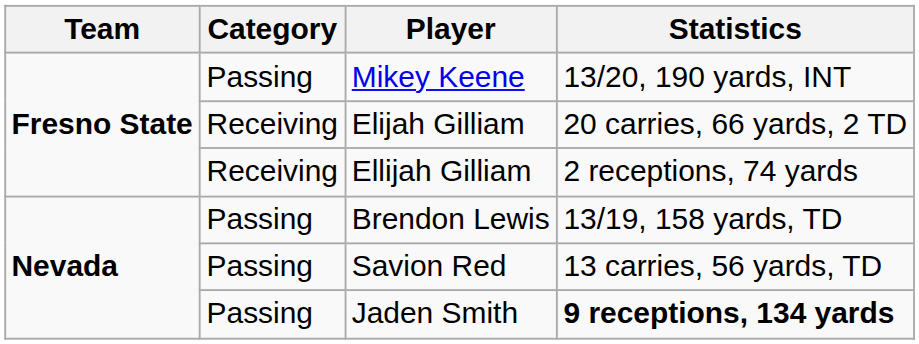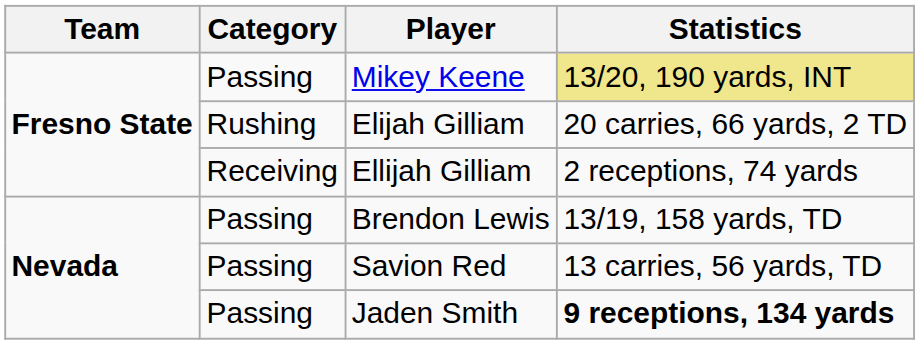 <table class="wikitable" style="float: right;">
 <tr>
 <th>Team</th>
 <th>Category</th>
 <th>Player</th>
 <th>Statistics</th>
 </tr>
 <tr>
 <td rowspan=3><strong>Fresno State</strong></td>
 <td>Passing</td>
 <td><a href='#'>Mikey Keene</a></td>
-<td>13/20, 190 yards, INT</td>
+<td style="background: khaki;">13/20, 190 yards, INT</td>
 </tr>
 <tr>
-<td>Receiving</td>
+<td>Rushing</td>
 <td>Elijah Gilliam</td>
 <td>20 carries, 66 yards, 2 TD</td>
 </tr>
 <tr>
 <td>Receiving</td>
 <td>Ellijah Gilliam</td>
 <td>2 receptions, 74 yards</td>
 </tr>
 <tr>
 <td rowspan=3><strong>Nevada</strong></td>
 <td>Passing</td>
 <td>Brendon Lewis</td>
 <td>13/19, 158 yards, TD</td>
 </tr>
 <tr>
 <td>Passing</td>
 <td>Savion Red</td>
 <td>13 carries, 56 yards, TD</td>
 </tr>
 <tr>
 <td>Passing</td>
 <td>Jaden Smith</td>
 <td><strong>9 receptions, 134 yards</strong></td>
 </tr>
 </table>
